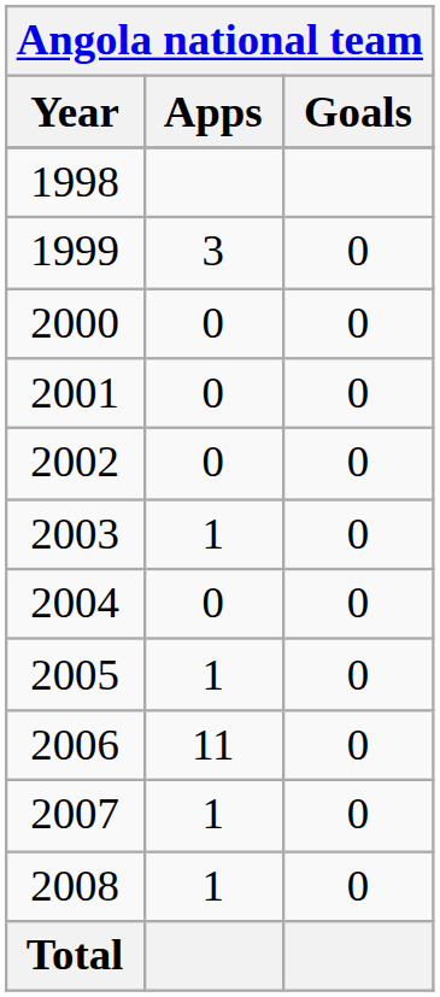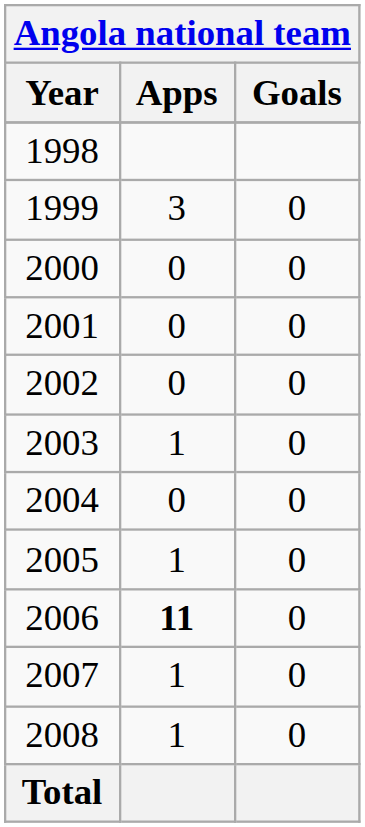 <table class="wikitable" style="text-align:center">
 <tr>
 <th colspan=3><a href='#'>Angola national team</a></th>
 </tr>
 <tr>
 <th>Year</th>
 <th>Apps</th>
 <th>Goals</th>
 </tr>
 <tr>
 </tr>
 <tr>
 <td>1998</td>
 <td></td>
 <td></td>
 </tr>
 <tr>
 <td>1999</td>
 <td>3</td>
 <td>0</td>
 </tr>
 <tr>
 <td>2000</td>
 <td>0</td>
 <td>0</td>
 </tr>
 <tr>
 <td>2001</td>
 <td>0</td>
 <td>0</td>
 </tr>
 <tr>
 <td>2002</td>
 <td>0</td>
 <td>0</td>
 </tr>
 <tr>
 <td>2003</td>
 <td>1</td>
 <td>0</td>
 </tr>
 <tr>
 <td>2004</td>
 <td>0</td>
 <td>0</td>
 </tr>
 <tr>
 <td>2005</td>
 <td>1</td>
 <td>0</td>
 </tr>
 <tr>
 <td>2006</td>
-<td>11</td>
+<td><strong>11</strong></td>
 <td>0</td>
 </tr>
 <tr>
 <td>2007</td>
 <td>1</td>
 <td>0</td>
 </tr>
 <tr>
 <td>2008</td>
 <td>1</td>
 <td>0</td>
 </tr>
 <tr>
 <th>Total</th>
 <th></th>
 <th></th>
 </tr>
 </table>
